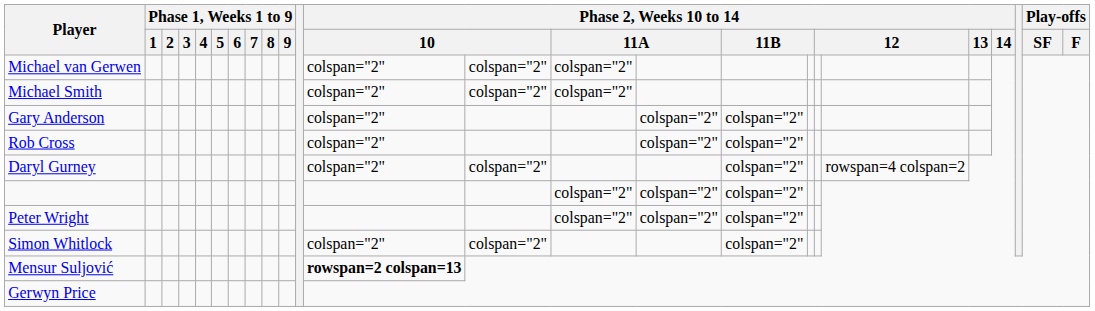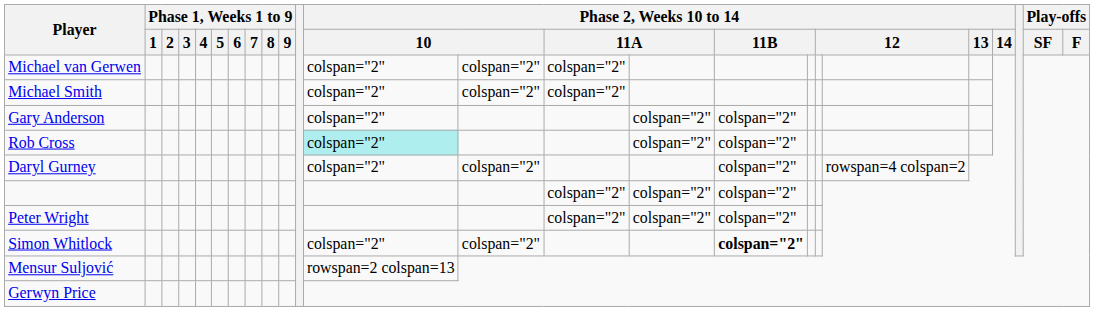 <table class="wikitable">
 <tr>
 <th rowspan=2>Player</th>
 <th colspan=9>Phase 1, Weeks 1 to 9</th>
 <th rowspan=12></th>
 <th colspan=10>Phase 2, Weeks 10 to 14</th>
 <th rowspan=10></th>
 <th colspan=2>Play-offs</th>
 </tr>
 <tr>
 <th>1</th>
 <th>2</th>
 <th>3</th>
 <th>4</th>
 <th>5</th>
 <th>6</th>
 <th>7</th>
 <th>8</th>
 <th>9</th>
 <th colspan=2>10</th>
 <th colspan=2>11A</th>
 <th colspan=2>11B</th>
 <th colspan=2>12</th>
 <th>13</th>
 <th>14</th>
 <th>SF</th>
 <th>F</th>
 </tr>
 <tr>
 <td> <a href='#'>Michael van Gerwen</a></td>
 <td></td>
 <td></td>
 <td></td>
 <td></td>
 <td></td>
 <td></td>
 <td></td>
 <td></td>
 <td></td>
 <td>colspan="2" </td>
 <td>colspan="2" </td>
 <td>colspan="2" </td>
 <td></td>
 <td></td>
 <td></td>
 <td></td>
 <td></td>
 <td></td>
 </tr>
 <tr>
 <td> <a href='#'>Michael Smith</a></td>
 <td></td>
 <td></td>
 <td></td>
 <td></td>
 <td></td>
 <td></td>
 <td></td>
 <td></td>
 <td></td>
 <td>colspan="2" </td>
 <td>colspan="2" </td>
 <td>colspan="2" </td>
 <td></td>
 <td></td>
 <td></td>
 <td></td>
 <td></td>
 <td></td>
 </tr>
 <tr>
 <td> <a href='#'>Gary Anderson</a></td>
 <td></td>
 <td></td>
 <td></td>
 <td></td>
 <td></td>
 <td></td>
 <td></td>
 <td></td>
 <td></td>
 <td>colspan="2" </td>
 <td></td>
 <td></td>
 <td>colspan="2" </td>
 <td>colspan="2" </td>
 <td></td>
 <td></td>
 <td></td>
 <td></td>
 </tr>
 <tr>
 <td> <a href='#'>Rob Cross</a></td>
 <td></td>
 <td></td>
 <td></td>
 <td></td>
 <td></td>
 <td></td>
 <td></td>
 <td></td>
 <td></td>
-<td>colspan="2" </td>
+<td style="background: paleturquoise;">colspan="2" </td>
 <td></td>
 <td></td>
 <td>colspan="2" </td>
 <td>colspan="2" </td>
 <td></td>
 <td></td>
 <td></td>
 <td></td>
 </tr>
 <tr>
 <td> <a href='#'>Daryl Gurney</a></td>
 <td></td>
 <td></td>
 <td></td>
 <td></td>
 <td></td>
 <td></td>
 <td></td>
 <td></td>
 <td></td>
 <td>colspan="2" </td>
 <td>colspan="2" </td>
 <td></td>
 <td></td>
 <td>colspan="2" </td>
 <td></td>
 <td></td>
 <td>rowspan=4 colspan=2 </td>
 </tr>
 <tr>
 <td></td>
 <td></td>
 <td></td>
 <td></td>
 <td></td>
 <td></td>
 <td></td>
 <td></td>
 <td></td>
 <td></td>
 <td></td>
 <td></td>
 <td>colspan="2" </td>
 <td>colspan="2" </td>
 <td>colspan="2" </td>
 <td></td>
 <td></td>
 </tr>
 <tr>
 <td> <a href='#'>Peter Wright</a></td>
 <td></td>
 <td></td>
 <td></td>
 <td></td>
 <td></td>
 <td></td>
 <td></td>
 <td></td>
 <td></td>
 <td></td>
 <td></td>
 <td>colspan="2" </td>
 <td>colspan="2" </td>
 <td>colspan="2" </td>
 <td></td>
 <td></td>
 </tr>
 <tr>
 <td> <a href='#'>Simon Whitlock</a></td>
 <td></td>
 <td></td>
 <td></td>
 <td></td>
 <td></td>
 <td></td>
 <td></td>
 <td></td>
 <td></td>
 <td>colspan="2" </td>
 <td>colspan="2" </td>
 <td></td>
 <td></td>
-<td>colspan="2" </td>
+<td><strong>colspan="2" </strong></td>
 <td></td>
 <td></td>
 </tr>
 <tr>
 <td> <a href='#'>Mensur Suljović</a></td>
 <td></td>
 <td></td>
 <td></td>
 <td></td>
 <td></td>
 <td></td>
 <td></td>
 <td></td>
 <td></td>
-<td><strong>rowspan=2 colspan=13 </strong></td>
+<td>rowspan=2 colspan=13 </td>
 </tr>
 <tr>
 <td> <a href='#'>Gerwyn Price</a></td>
 <td></td>
 <td></td>
 <td></td>
 <td></td>
 <td></td>
 <td></td>
 <td></td>
 <td></td>
 <td></td>
 </tr>
 </table>
